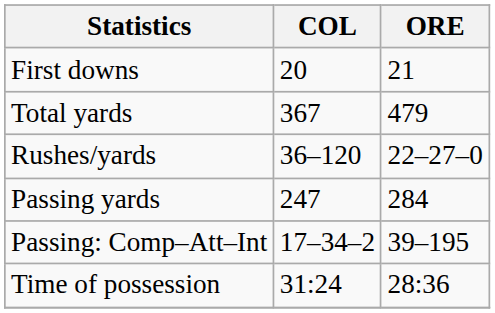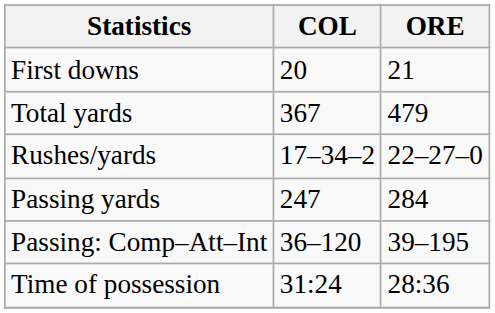 <table class="wikitable" style="float: left;">
 <tr>
 <th>Statistics</th>
 <th>COL</th>
 <th>ORE</th>
 </tr>
 <tr>
 <td>First downs</td>
 <td>20</td>
 <td>21</td>
 </tr>
 <tr>
 <td>Total yards</td>
 <td>367</td>
 <td>479</td>
 </tr>
 <tr>
 <td>Rushes/yards</td>
-<td>36–120</td>
+<td>17–34–2</td>
 <td>22–27–0</td>
 </tr>
 <tr>
 <td>Passing yards</td>
 <td>247</td>
 <td>284</td>
 </tr>
 <tr>
 <td>Passing: Comp–Att–Int</td>
-<td>17–34–2</td>
+<td>36–120</td>
 <td>39–195</td>
 </tr>
 <tr>
 <td>Time of possession</td>
 <td>31:24</td>
 <td>28:36</td>
 </tr>
 <tr>
 </tr>
 </table>
